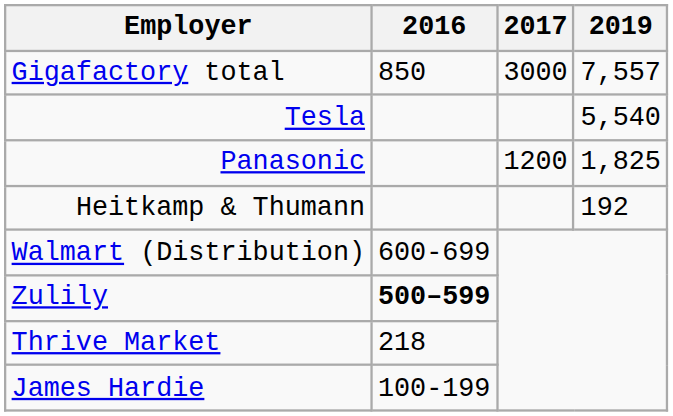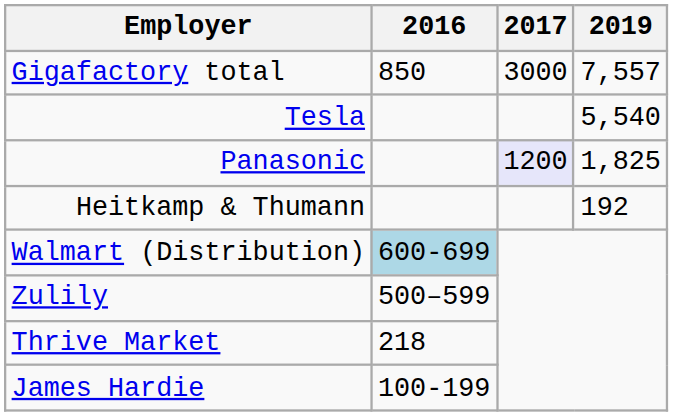 <table class="wikitable sortable" style="font-size: 90%;" title=Number of Employees>
 <tr>
 <th>Employer</th>
 <th>2016</th>
 <th>2017</th>
 <th>2019</th>
 </tr>
 <tr>
 <td><a href='#'>Gigafactory</a> total</td>
 <td>850</td>
 <td>3000</td>
 <td>7,557</td>
 </tr>
 <tr>
 <td style="text-align:right;"><a href='#'>Tesla</a></td>
 <td></td>
 <td></td>
 <td>5,540</td>
 </tr>
 <tr>
 <td style="text-align:right;"><a href='#'>Panasonic</a></td>
 <td></td>
-<td>1200</td>
+<td style="background: lavender;">1200</td>
 <td>1,825</td>
 </tr>
 <tr>
 <td style="text-align:right;">Heitkamp & Thumann</td>
 <td></td>
 <td></td>
 <td>192</td>
 </tr>
 <tr>
 <td><a href='#'>Walmart</a> (Distribution) </td>
-<td>600-699</td>
+<td style="background: lightblue;">600-699</td>
 </tr>
 <tr>
 <td><a href='#'>Zulily</a></td>
-<td><strong>500–599<br></strong></td>
+<td>500–599<br></td>
 </tr>
 <tr>
 <td><a href='#'>Thrive Market</a></td>
 <td>218</td>
 </tr>
 <tr>
 <td><a href='#'>James Hardie</a></td>
 <td>100-199<br></td>
 </tr>
 </table>
